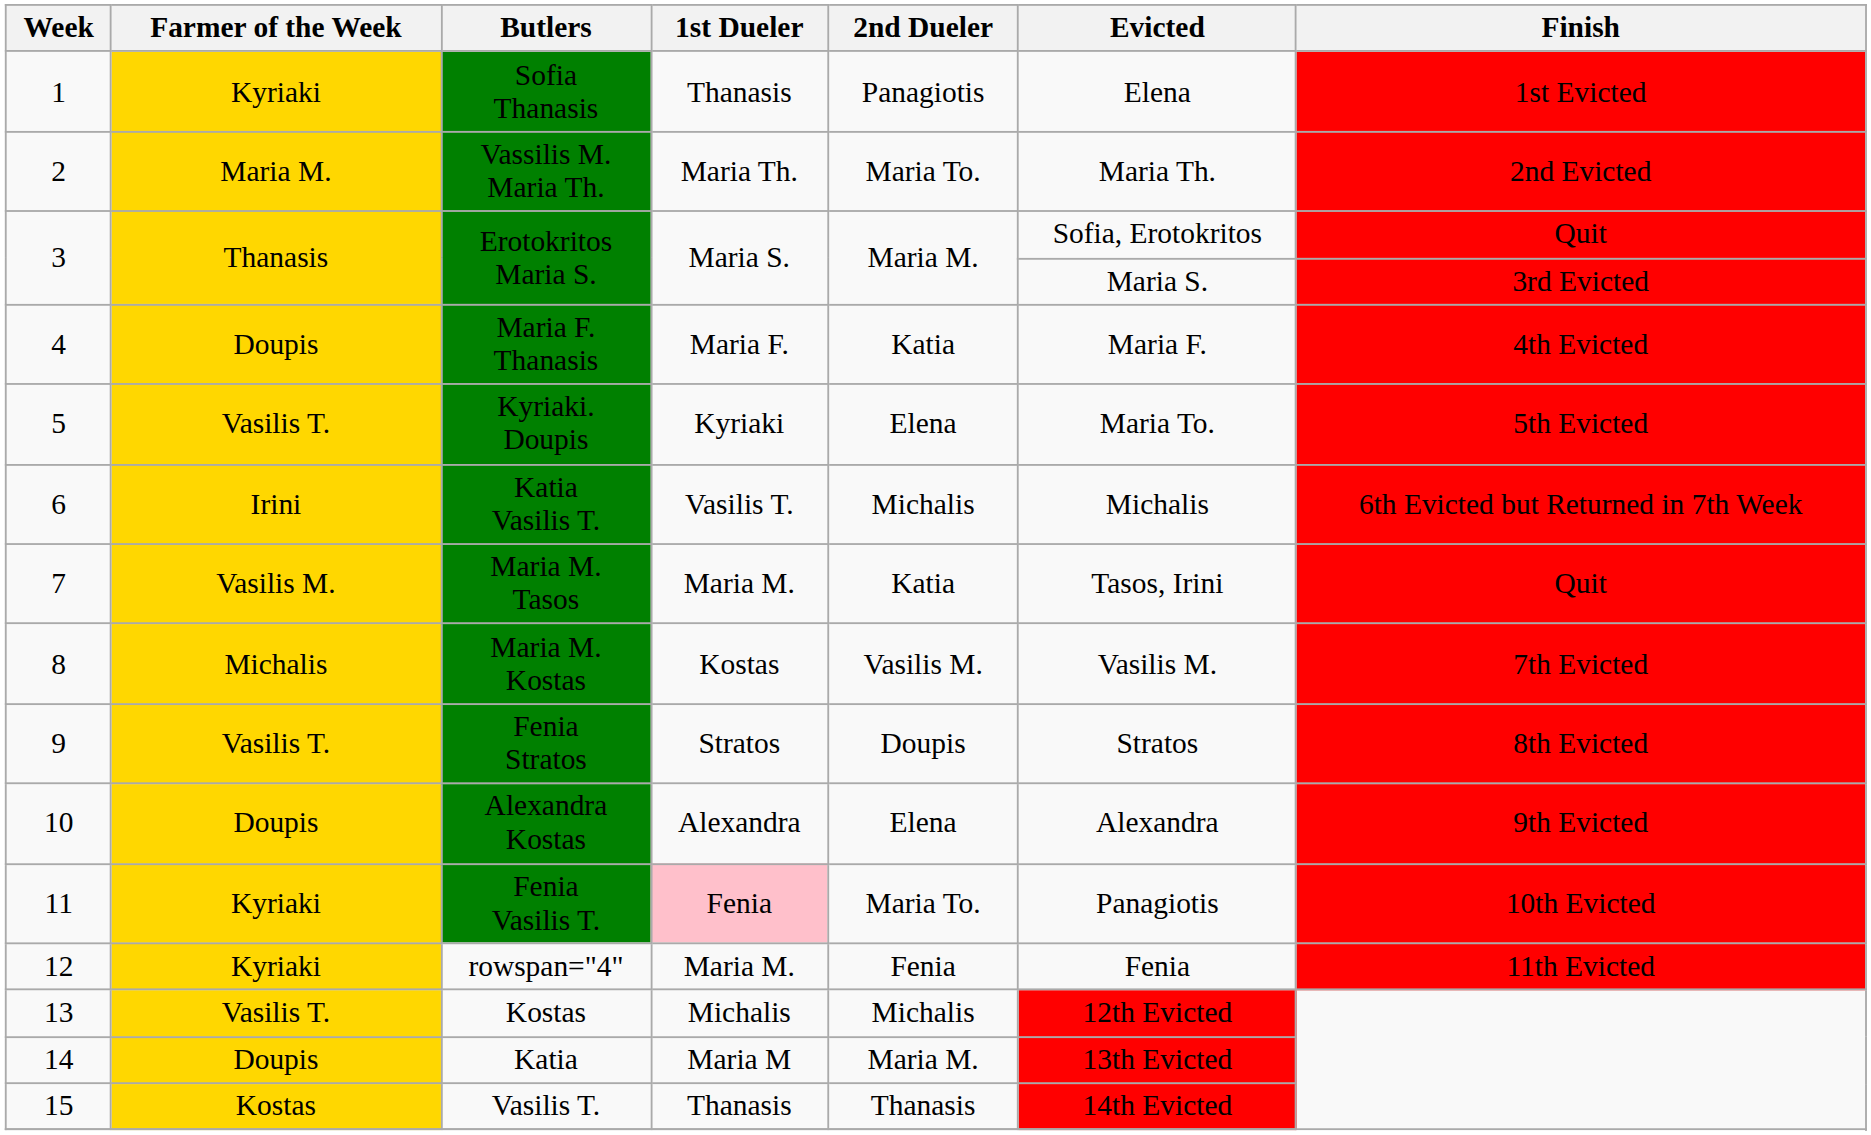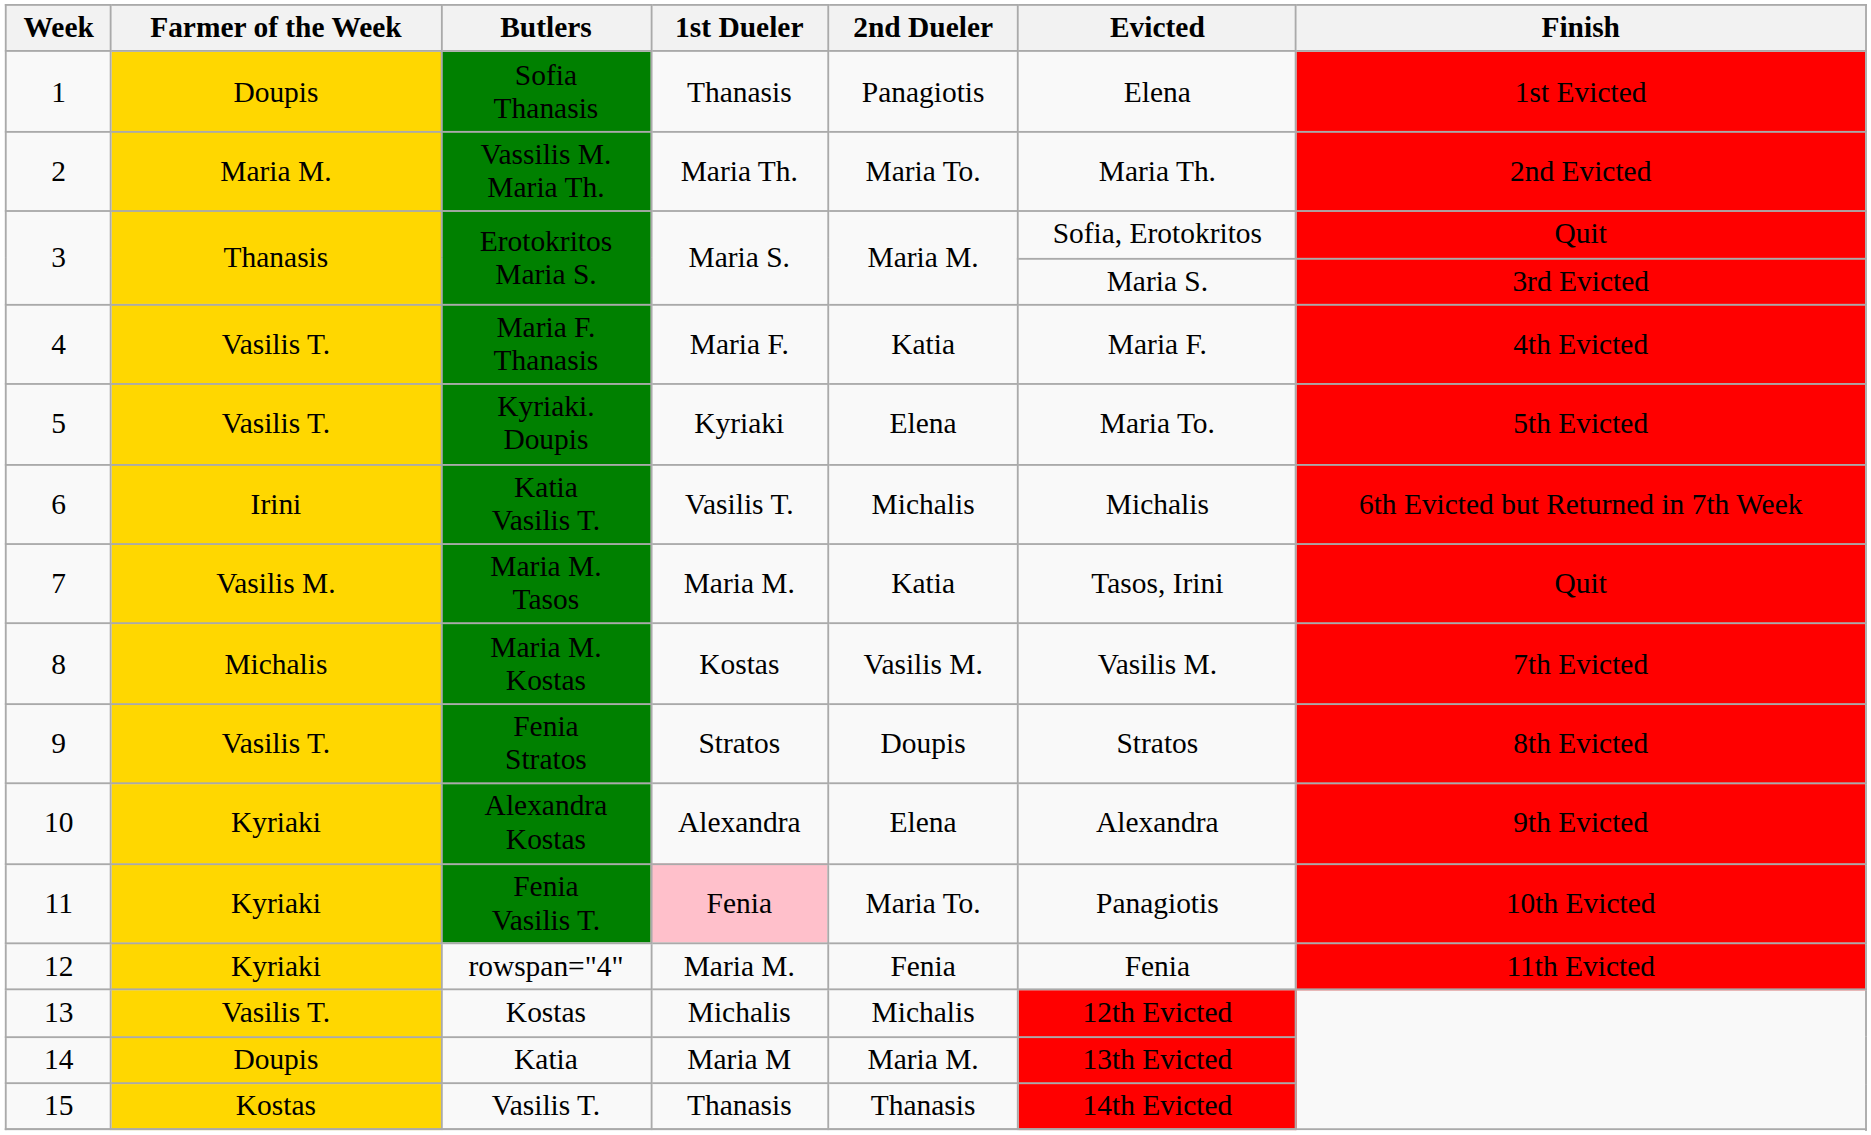 <table class="wikitable" style="text-align:center; width:80%; margin-left:auto; margin-right:auto;">
 <tr>
 <th>Week</th>
 <th>Farmer of the Week</th>
 <th>Butlers</th>
 <th>1st Dueler</th>
 <th>2nd Dueler</th>
 <th>Evicted</th>
 <th>Finish</th>
 </tr>
 <tr>
 <td>1</td>
-<td style="background:gold;">Kyriaki</td>
+<td style="background:gold;">Doupis</td>
 <td style="background:green;">Sofia<br>Thanasis</td>
 <td>Thanasis</td>
 <td>Panagiotis</td>
 <td>Elena</td>
 <td style="background:#f00;">1st Evicted</td>
 </tr>
 <tr>
 <td>2</td>
 <td style="background:gold;">Maria M.</td>
 <td style="background:green;">Vassilis M.<br>Maria Th.</td>
 <td>Maria Th.</td>
 <td>Maria To.</td>
 <td>Maria Th.</td>
 <td style="background:#f00;">2nd Evicted</td>
 </tr>
 <tr>
 <td rowspan="2">3</td>
 <td rowspan="2" style="background:gold;">Thanasis</td>
 <td rowspan="2" style="background:green;">Erotokritos<br>Maria S.</td>
 <td rowspan="2">Maria S.</td>
 <td rowspan="2">Maria M.</td>
 <td>Sofia, Erotokritos</td>
 <td style="background:#f00;">Quit</td>
 </tr>
 <tr>
 <td>Maria S.</td>
 <td style="background:#f00;">3rd Evicted</td>
 </tr>
 <tr>
 <td>4</td>
-<td style="background:gold;">Doupis</td>
+<td style="background:gold;">Vasilis T.</td>
 <td style="background:green;">Maria F.<br>Thanasis</td>
 <td>Maria F.</td>
 <td>Katia</td>
 <td>Maria F.</td>
 <td style="background:#f00;">4th Evicted</td>
 </tr>
 <tr>
 <td>5</td>
 <td style="background:gold;">Vasilis T.</td>
 <td style="background:green;">Kyriaki.<br>Doupis</td>
 <td>Kyriaki</td>
 <td>Elena</td>
 <td>Maria To.</td>
 <td style="background:#f00;">5th Evicted</td>
 </tr>
 <tr>
 <td>6</td>
 <td style="background:gold;">Irini</td>
 <td style="background:green;">Katia <br> Vasilis T.</td>
 <td>Vasilis T.</td>
 <td>Michalis</td>
 <td>Michalis</td>
 <td style="background:#f00;">6th Evicted but Returned in 7th Week</td>
 </tr>
 <tr>
 <td>7</td>
 <td style="background:gold;">Vasilis M.</td>
 <td style="background:green;">Maria M. <br> Tasos</td>
 <td>Maria M.</td>
 <td>Katia</td>
 <td>Tasos, Irini</td>
 <td style="background:#f00;">Quit</td>
 </tr>
 <tr>
 <td>8</td>
 <td style="background:gold;">Michalis</td>
 <td style="background:green;">Maria M. <br> Kostas</td>
 <td>Kostas</td>
 <td>Vasilis M.</td>
 <td>Vasilis M.</td>
 <td style="background:#f00;">7th Evicted</td>
 </tr>
 <tr>
 <td>9</td>
 <td style="background:gold;">Vasilis T.</td>
 <td style="background:green;">Fenia <br> Stratos</td>
 <td>Stratos</td>
 <td>Doupis</td>
 <td>Stratos</td>
 <td style="background:#f00;">8th Evicted</td>
 </tr>
 <tr>
 <td>10</td>
-<td style="background:gold;">Doupis</td>
+<td style="background:gold;">Kyriaki</td>
 <td style="background:green;">Alexandra<br> Kostas</td>
 <td>Alexandra</td>
 <td>Elena</td>
 <td>Alexandra</td>
 <td style="background:#f00;">9th Evicted</td>
 </tr>
 <tr>
 <td>11</td>
 <td style="background:gold;">Kyriaki</td>
 <td style="background:green;">Fenia<br> Vasilis T.</td>
 <td style="background: pink;">Fenia</td>
 <td>Maria To.</td>
 <td>Panagiotis</td>
 <td style="background:#f00;">10th Evicted</td>
 </tr>
 <tr>
 <td>12</td>
 <td style="background:gold;">Kyriaki</td>
 <td>rowspan="4" </td>
 <td>Maria M.</td>
 <td>Fenia</td>
 <td>Fenia</td>
 <td style="background:#f00;">11th Evicted</td>
 </tr>
 <tr>
 <td>13</td>
 <td style="background:gold;">Vasilis T.</td>
 <td>Kostas</td>
 <td>Michalis</td>
 <td>Michalis</td>
 <td style="background:#f00;">12th Evicted</td>
 </tr>
 <tr>
 <td>14</td>
 <td style="background:gold;">Doupis</td>
 <td>Katia</td>
 <td>Maria M</td>
 <td>Maria M.</td>
 <td style="background:#f00;">13th Evicted</td>
 </tr>
 <tr>
 <td>15</td>
 <td style="background:gold;">Kostas</td>
 <td>Vasilis T.</td>
 <td>Thanasis</td>
 <td>Thanasis</td>
 <td style="background:#f00;">14th Evicted</td>
 </tr>
 <tr>
 </tr>
 </table>
